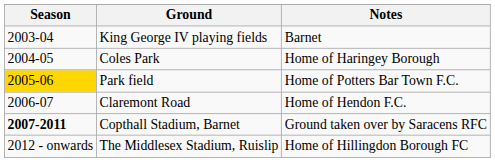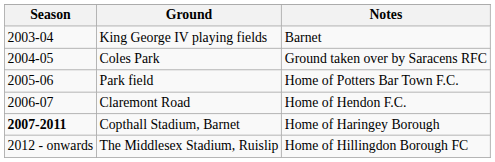 <table class="wikitable">
 <tr>
 </tr>
 <tr>
 <th>Season</th>
 <th>Ground</th>
 <th>Notes</th>
 </tr>
 <tr>
 <td>2003-04</td>
 <td>King George IV playing fields</td>
 <td>Barnet</td>
 </tr>
 <tr>
 <td>2004-05</td>
 <td>Coles Park</td>
-<td>Home of Haringey Borough</td>
+<td>Ground taken over by Saracens RFC</td>
 </tr>
 <tr>
-<td style="background: gold;">2005-06</td>
+<td>2005-06</td>
 <td>Park field</td>
 <td>Home of Potters Bar Town F.C.</td>
 </tr>
 <tr>
 <td>2006-07</td>
 <td>Claremont Road</td>
 <td>Home of Hendon F.C.</td>
 </tr>
 <tr>
 <td><strong>2007-2011</strong></td>
 <td>Copthall Stadium, Barnet</td>
-<td>Ground taken over by Saracens RFC</td>
+<td>Home of Haringey Borough</td>
 </tr>
 <tr>
 <td>2012 - onwards</td>
 <td>The Middlesex Stadium, Ruislip</td>
 <td>Home of Hillingdon Borough FC</td>
 </tr>
 </table>
